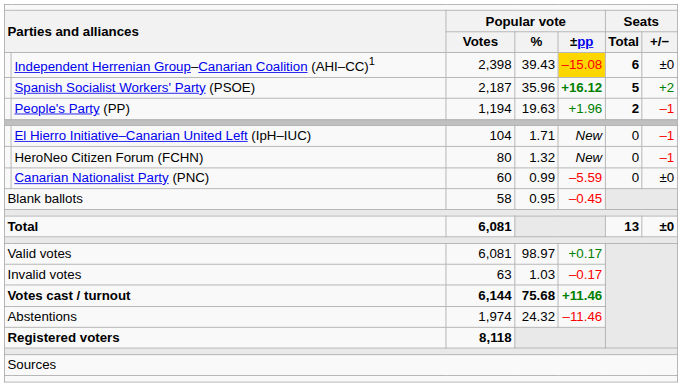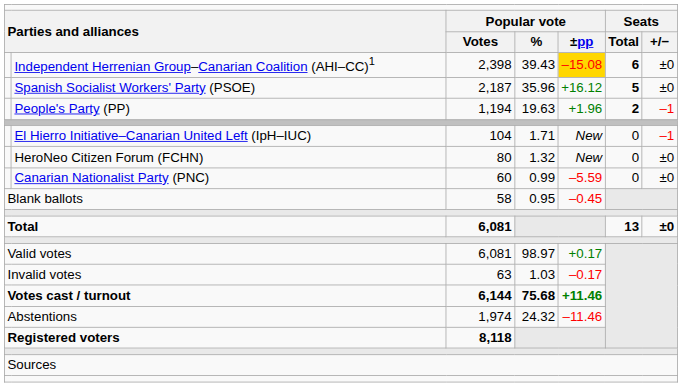 <table class="wikitable" style="text-align:right;">
 <tr>
 <td colspan="7"></td>
 </tr>
 <tr>
 <th style="text-align:left;" rowspan="2" colspan="2" width="525">Parties and alliances</th>
 <th colspan="3">Popular vote</th>
 <th colspan="2">Seats</th>
 </tr>
 <tr>
 <th width="75">Votes</th>
 <th width="45">%</th>
 <th width="45">±<a href='#'>pp</a></th>
 <th width="35">Total</th>
 <th width="35">+/−</th>
 </tr>
 <tr>
 <td width="1" style="color:inherit;background:"></td>
 <td align="left"><a href='#'>Independent Herrenian Group</a>–<a href='#'>Canarian Coalition</a> (AHI–CC)<sup>1</sup></td>
 <td>2,398</td>
 <td>39.43</td>
 <td style="background: gold; color:red;">–15.08</td>
 <td><strong>6</strong></td>
 <td>±0</td>
 </tr>
 <tr>
 <td style="color:inherit;background:"></td>
 <td align="left"><a href='#'>Spanish Socialist Workers' Party</a> (PSOE)</td>
 <td>2,187</td>
 <td>35.96</td>
-<td style="color:green;"><strong>+16.12</strong></td>
+<td style="color:green;">+16.12</td>
 <td><strong>5</strong></td>
-<td style="color:green;">+2</td>
+<td>±0</td>
 </tr>
 <tr>
 <td style="color:inherit;background:"></td>
 <td align="left"><a href='#'>People's Party</a> (PP)</td>
 <td>1,194</td>
 <td>19.63</td>
 <td style="color:green;">+1.96</td>
 <td><strong>2</strong></td>
 <td style="color:red;">–1</td>
 </tr>
 <tr>
 <td colspan="7" bgcolor="#C0C0C0"></td>
 </tr>
 <tr>
 <td style="color:inherit;background:"></td>
 <td align="left"><a href='#'>El Hierro Initiative–Canarian United Left</a> (IpH–IUC)</td>
 <td>104</td>
 <td>1.71</td>
 <td><em>New</em></td>
 <td>0</td>
 <td style="color:red;">–1</td>
 </tr>
 <tr>
 <td style="color:inherit;background:"></td>
 <td align="left">HeroNeo Citizen Forum (FCHN)</td>
 <td>80</td>
 <td>1.32</td>
 <td><em>New</em></td>
 <td>0</td>
-<td style="color:red;">–1</td>
+<td>±0</td>
 </tr>
 <tr>
 <td style="color:inherit;background:"></td>
 <td align="left"><a href='#'>Canarian Nationalist Party</a> (PNC)</td>
 <td>60</td>
 <td>0.99</td>
 <td style="color:red;">–5.59</td>
 <td>0</td>
 <td>±0</td>
 </tr>
 <tr>
 <td align="left" colspan="2">Blank ballots</td>
 <td>58</td>
 <td>0.95</td>
 <td style="color:red;">–0.45</td>
 <td bgcolor="#E9E9E9" colspan="2"></td>
 </tr>
 <tr>
 <td colspan="7" bgcolor="#E9E9E9"></td>
 </tr>
 <tr style="font-weight:bold;">
 <td align="left" colspan="2">Total</td>
 <td>6,081</td>
 <td bgcolor="#E9E9E9" colspan="2"></td>
 <td>13</td>
 <td>±0</td>
 </tr>
 <tr>
 <td colspan="7" bgcolor="#E9E9E9"></td>
 </tr>
 <tr>
 <td align="left" colspan="2">Valid votes</td>
 <td>6,081</td>
 <td>98.97</td>
 <td style="color:green;">+0.17</td>
 <td bgcolor="#E9E9E9" colspan="2" rowspan="5"></td>
 </tr>
 <tr>
 <td align="left" colspan="2">Invalid votes</td>
 <td>63</td>
 <td>1.03</td>
 <td style="color:red;">–0.17</td>
 </tr>
 <tr style="font-weight:bold;">
 <td align="left" colspan="2">Votes cast / turnout</td>
 <td>6,144</td>
 <td>75.68</td>
 <td style="color:green;">+11.46</td>
 </tr>
 <tr>
 <td align="left" colspan="2">Abstentions</td>
 <td>1,974</td>
 <td>24.32</td>
 <td style="color:red;">–11.46</td>
 </tr>
 <tr style="font-weight:bold;">
 <td align="left" colspan="2">Registered voters</td>
 <td>8,118</td>
 <td bgcolor="#E9E9E9" colspan="2"></td>
 </tr>
 <tr>
 <td colspan="7" bgcolor="#E9E9E9"></td>
 </tr>
 <tr>
 <td align="left" colspan="7">Sources</td>
 </tr>
 <tr>
 <td colspan="7" style="text-align:left; max-width:790px;"></td>
 </tr>
 </table>
